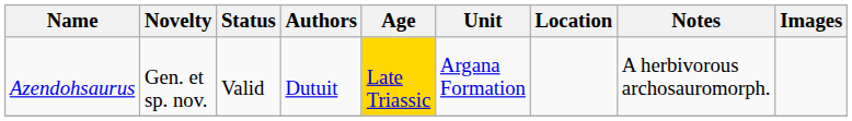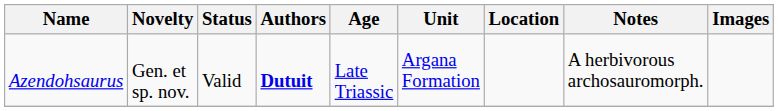 <table class="wikitable sortable" align="center" width="100%">
 <tr>
 <th>Name</th>
 <th>Novelty</th>
 <th>Status</th>
 <th>Authors</th>
 <th>Age</th>
 <th>Unit</th>
 <th>Location</th>
 <th>Notes</th>
 <th>Images</th>
 </tr>
 <tr>
 <td><br><em><a href='#'>Azendohsaurus</a></em></td>
 <td><br>Gen. et sp. nov.</td>
 <td><br>Valid</td>
-<td><br><a href='#'>Dutuit</a></td>
-<td style="background: gold;"><br><a href='#'>Late Triassic</a></td>
+<td><strong><br><a href='#'>Dutuit</a></strong></td>
+<td><br><a href='#'>Late Triassic</a></td>
 <td><a href='#'>Argana Formation</a></td>
 <td><br></td>
 <td>A herbivorous archosauromorph.</td>
 <td></td>
 </tr>
 <tr>
 </tr>
 </table>
